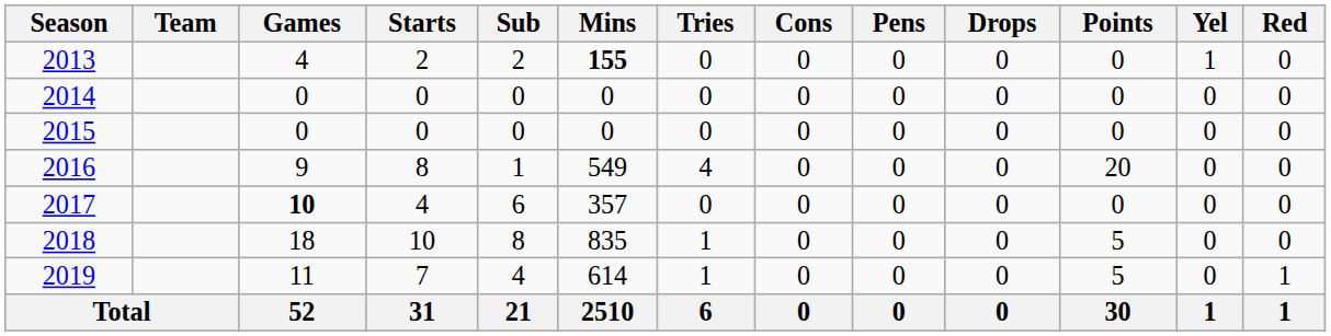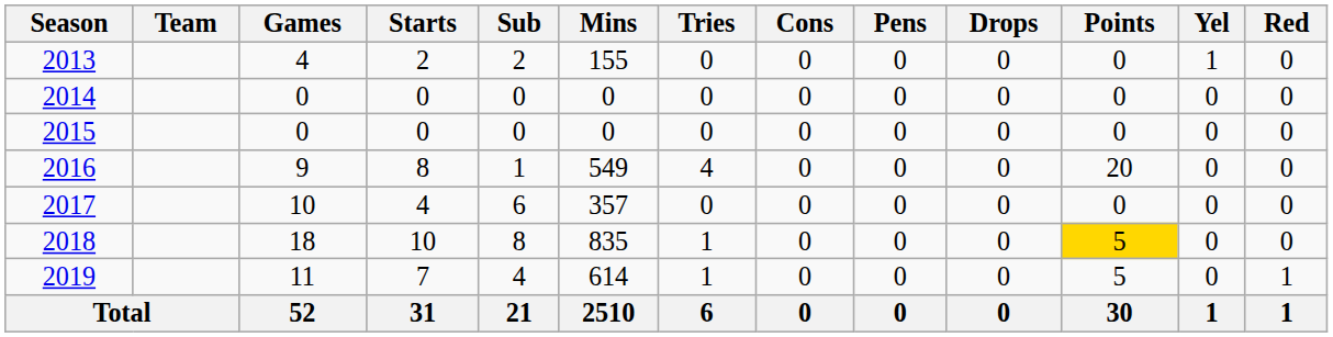 <table class="wikitable" style="text-align:center; line-height:90%; font-size:95%; width:60%;">
 <tr>
 <th>Season</th>
 <th>Team</th>
 <th>Games</th>
 <th>Starts</th>
 <th>Sub</th>
 <th>Mins</th>
 <th>Tries</th>
 <th>Cons</th>
 <th>Pens</th>
 <th>Drops</th>
 <th>Points</th>
 <th>Yel</th>
 <th>Red</th>
 </tr>
 <tr>
 <td><a href='#'>2013</a></td>
 <td></td>
 <td>4</td>
 <td>2</td>
 <td>2</td>
-<td><strong>155</strong></td>
+<td>155</td>
 <td>0</td>
 <td>0</td>
 <td>0</td>
 <td>0</td>
 <td>0</td>
 <td>1</td>
 <td>0</td>
 </tr>
 <tr>
 <td><a href='#'>2014</a></td>
 <td></td>
 <td>0</td>
 <td>0</td>
 <td>0</td>
 <td>0</td>
 <td>0</td>
 <td>0</td>
 <td>0</td>
 <td>0</td>
 <td>0</td>
 <td>0</td>
 <td>0</td>
 </tr>
 <tr>
 <td><a href='#'>2015</a></td>
 <td></td>
 <td>0</td>
 <td>0</td>
 <td>0</td>
 <td>0</td>
 <td>0</td>
 <td>0</td>
 <td>0</td>
 <td>0</td>
 <td>0</td>
 <td>0</td>
 <td>0</td>
 </tr>
 <tr>
 <td><a href='#'>2016</a></td>
 <td></td>
 <td>9</td>
 <td>8</td>
 <td>1</td>
 <td>549</td>
 <td>4</td>
 <td>0</td>
 <td>0</td>
 <td>0</td>
 <td>20</td>
 <td>0</td>
 <td>0</td>
 </tr>
 <tr>
 <td><a href='#'>2017</a></td>
 <td></td>
-<td><strong>10</strong></td>
+<td>10</td>
 <td>4</td>
 <td>6</td>
 <td>357</td>
 <td>0</td>
 <td>0</td>
 <td>0</td>
 <td>0</td>
 <td>0</td>
 <td>0</td>
 <td>0</td>
 </tr>
 <tr>
 <td><a href='#'>2018</a></td>
 <td></td>
 <td>18</td>
 <td>10</td>
 <td>8</td>
 <td>835</td>
 <td>1</td>
 <td>0</td>
 <td>0</td>
 <td>0</td>
-<td>5</td>
+<td style="background: gold;">5</td>
 <td>0</td>
 <td>0</td>
 </tr>
 <tr>
 <td><a href='#'>2019</a></td>
 <td></td>
 <td>11</td>
 <td>7</td>
 <td>4</td>
 <td>614</td>
 <td>1</td>
 <td>0</td>
 <td>0</td>
 <td>0</td>
 <td>5</td>
 <td>0</td>
 <td>1</td>
 </tr>
 <tr>
 <th colspan="2">Total</th>
 <th>52</th>
 <th>31</th>
 <th>21</th>
 <th>2510</th>
 <th>6</th>
 <th>0</th>
 <th>0</th>
 <th>0</th>
 <th>30</th>
 <th>1</th>
 <th>1</th>
 </tr>
 </table>
